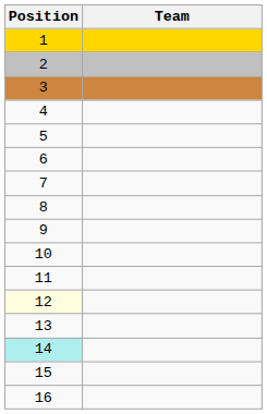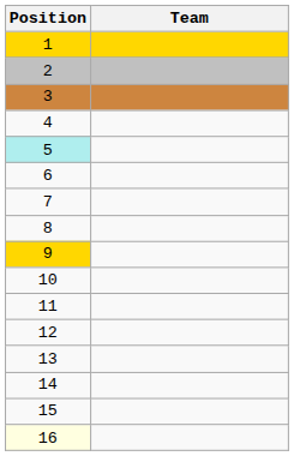 <table class="wikitable" style="width:230px">
 <tr>
 <th width=30>Position</th>
 <th width=200>Team</th>
 </tr>
 <tr style="background:gold;">
 <td align=center>1</td>
 <td></td>
 </tr>
 <tr style="background:silver;">
 <td align=center>2</td>
 <td></td>
 </tr>
 <tr style="background:peru;">
 <td align=center>3</td>
 <td></td>
 </tr>
 <tr>
 <td align=center>4</td>
 <td></td>
 </tr>
 <tr>
-<td align=center>5</td>
+<td align=center style="background: paleturquoise;">5</td>
 <td></td>
 </tr>
 <tr>
 <td align=center>6</td>
 <td></td>
 </tr>
 <tr>
 <td align=center>7</td>
 <td></td>
 </tr>
 <tr>
 <td align=center>8</td>
 <td></td>
 </tr>
 <tr>
-<td align=center>9</td>
+<td align=center style="background: gold;">9</td>
 <td></td>
 </tr>
 <tr>
 <td align=center>10</td>
 <td></td>
 </tr>
 <tr>
 <td align=center>11</td>
 <td></td>
 </tr>
 <tr>
-<td align=center style="background: lightyellow;">12</td>
+<td align=center>12</td>
 <td></td>
 </tr>
 <tr>
 <td align=center>13</td>
 <td></td>
 </tr>
 <tr>
-<td align=center style="background: paleturquoise;">14</td>
+<td align=center>14</td>
 <td></td>
 </tr>
 <tr>
 <td align=center>15</td>
 <td></td>
 </tr>
 <tr>
-<td align=center>16</td>
+<td align=center style="background: lightyellow;">16</td>
 <td></td>
 </tr>
 </table>
